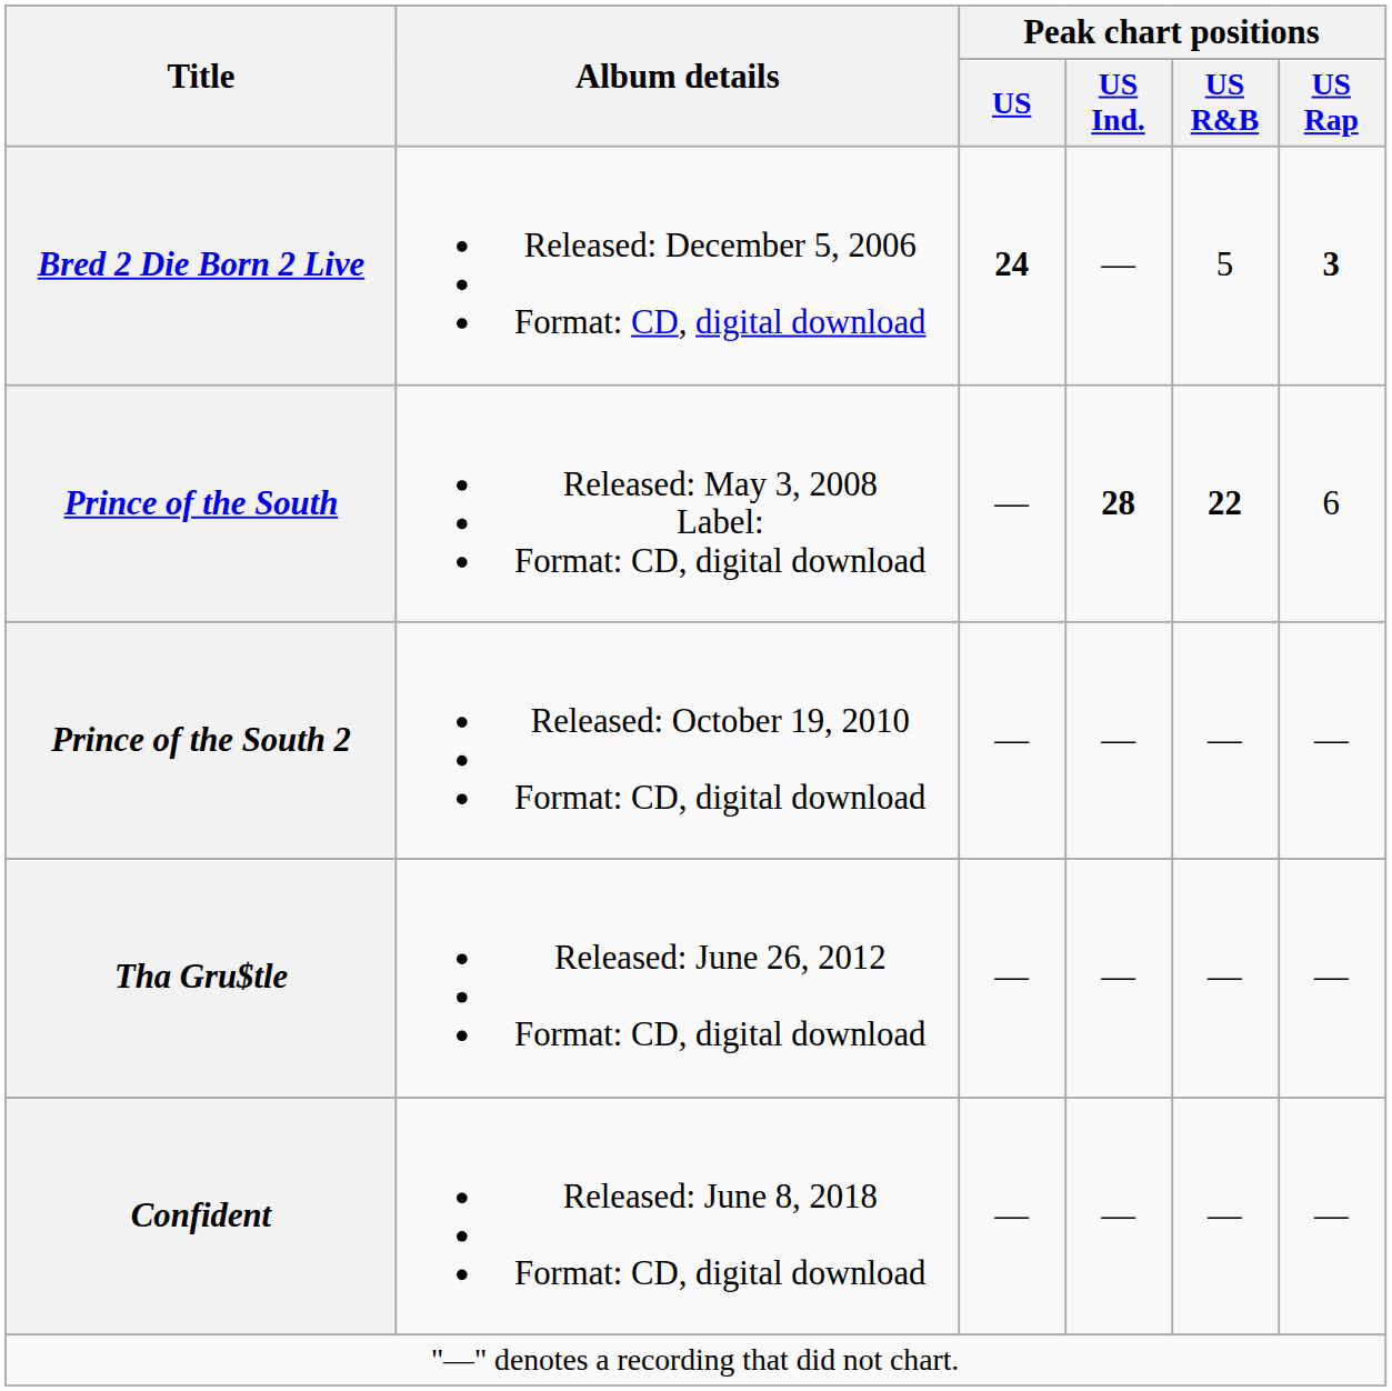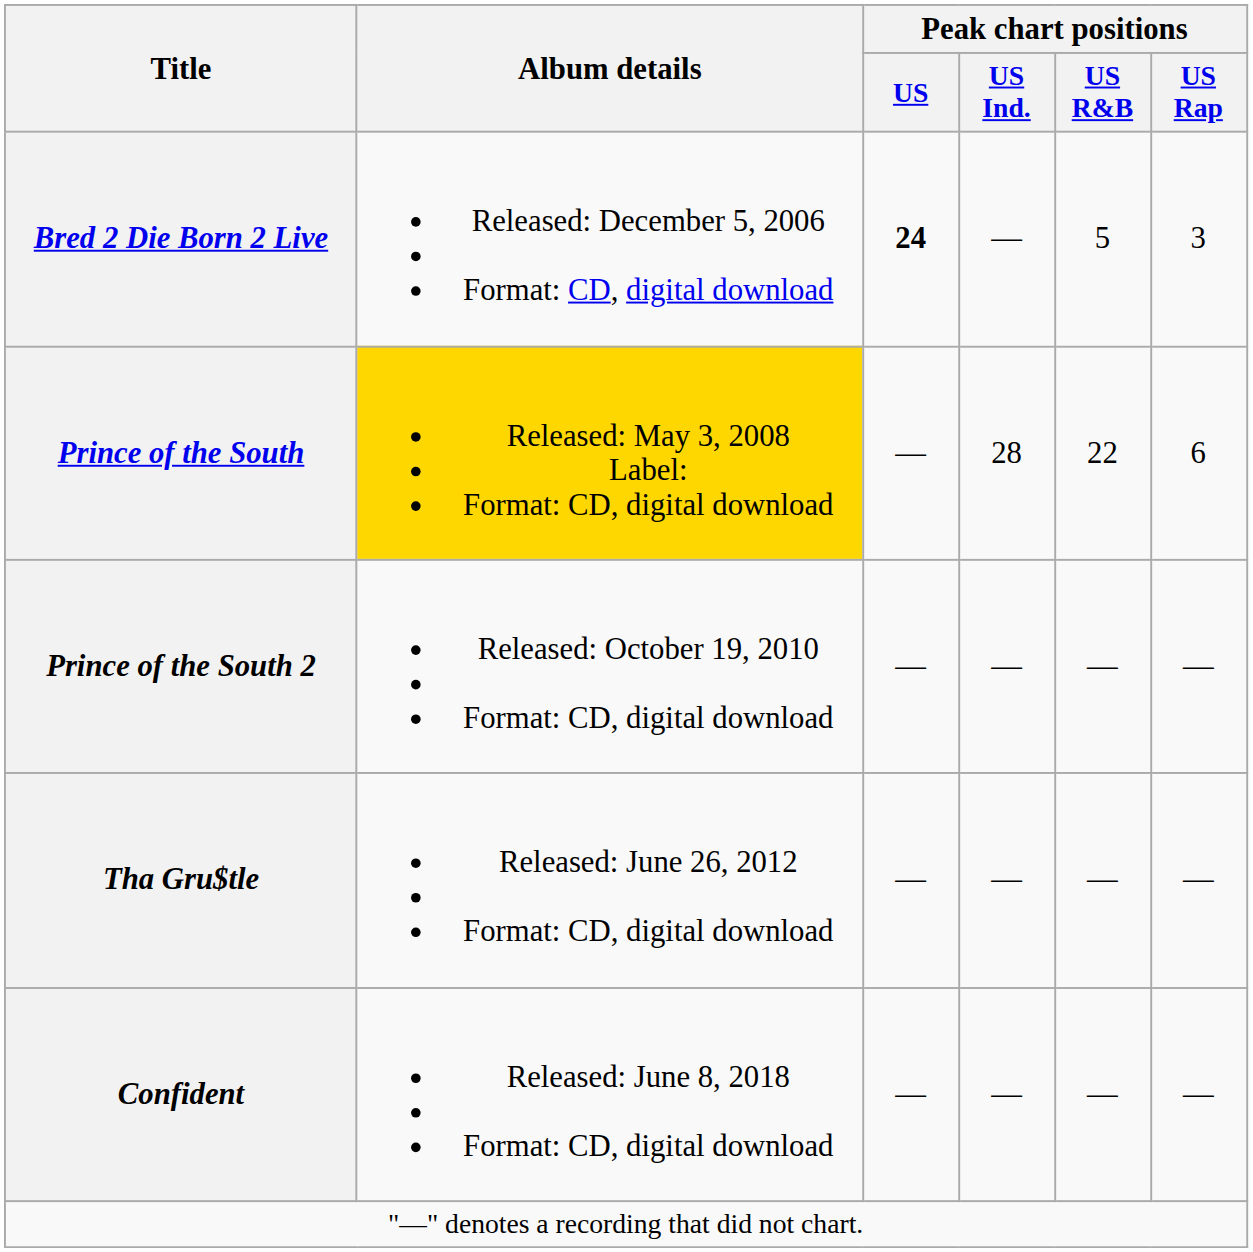 <table class="wikitable plainrowheaders" style="text-align:center;">
 <tr>
 <th scope="col" rowspan="2" style="width:11em;">Title</th>
 <th scope="col" rowspan="2" style="width:16em;">Album details</th>
 <th scope="col" colspan="4">Peak chart positions</th>
 </tr>
 <tr>
 <th style="width:3em;font-size:90%;"><a href='#'>US</a><br></th>
 <th style="width:3em;font-size:90%;"><a href='#'>US<br>Ind.</a><br></th>
 <th style="width:3em;font-size:90%;"><a href='#'>US<br>R&B</a><br></th>
 <th style="width:3em;font-size:90%;"><a href='#'>US<br>Rap</a><br></th>
 </tr>
 <tr>
 <th scope="row"><em><a href='#'>Bred 2 Die Born 2 Live</a></em></th>
 <td><br><ul><li>Released: December 5, 2006</li><li></li><li>Format: <a href='#'>CD</a>, <a href='#'>digital download</a></li></ul></td>
 <td><strong>24</strong></td>
 <td>—</td>
 <td>5</td>
-<td><strong>3</strong></td>
+<td>3</td>
 </tr>
 <tr>
 <th scope="row"><em><a href='#'>Prince of the South</a></em></th>
-<td><br><ul><li>Released: May 3, 2008</li><li>Label: </li><li>Format: CD, digital download</li></ul></td>
+<td style="background: gold;"><br><ul><li>Released: May 3, 2008</li><li>Label: </li><li>Format: CD, digital download</li></ul></td>
 <td>—</td>
-<td><strong>28</strong></td>
-<td><strong>22</strong></td>
+<td>28</td>
+<td>22</td>
 <td>6</td>
 </tr>
 <tr>
 <th scope="row"><em>Prince of the South 2</em></th>
 <td><br><ul><li>Released: October 19, 2010</li><li></li><li>Format: CD, digital download</li></ul></td>
 <td>—</td>
 <td>—</td>
 <td>—</td>
 <td>—</td>
 </tr>
 <tr>
 <th scope="row"><em>Tha Gru$tle</em></th>
 <td><br><ul><li>Released: June 26, 2012</li><li></li><li>Format: CD, digital download</li></ul></td>
 <td>—</td>
 <td>—</td>
 <td>—</td>
 <td>—</td>
 </tr>
 <tr>
 <th scope="row"><em>Confident</em></th>
 <td><br><ul><li>Released: June 8, 2018</li><li></li><li>Format: CD, digital download</li></ul></td>
 <td>—</td>
 <td>—</td>
 <td>—</td>
 <td>—</td>
 </tr>
 <tr>
 <td colspan="14" style="font-size:90%">"—" denotes a recording that did not chart.</td>
 </tr>
 </table>
